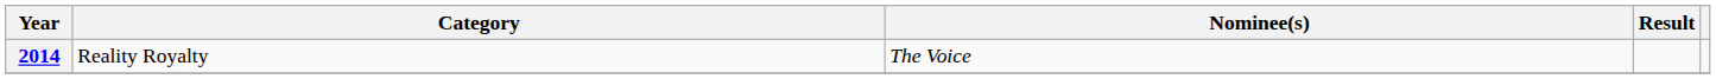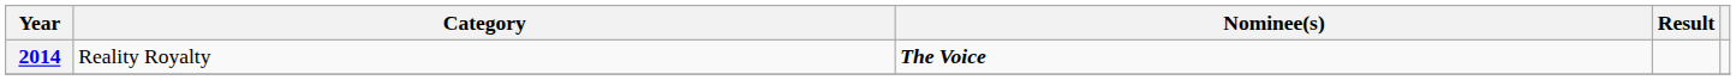 <table class="wikitable plainrowheaders" style="font-size: 95%">
 <tr>
 <th scope="col" style="width:4%;">Year</th>
 <th scope="col" style="width:50%;">Category</th>
 <th scope="col" style="width:50%;">Nominee(s)</th>
 <th scope="col" style="width:6%;">Result</th>
 <th scope="col" style="width:4%;"></th>
 </tr>
 <tr>
 <th scope="row"><a href='#'>2014</a></th>
 <td>Reality Royalty</td>
-<td><em>The Voice</em></td>
+<td><strong><em>The Voice</em></strong></td>
 <td></td>
 <td style="text-align:center;"></td>
 </tr>
 <tr>
 </tr>
 </table>
